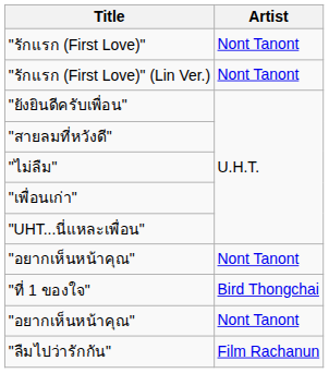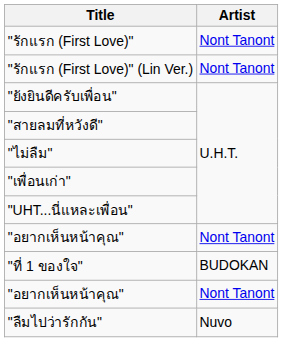 <table class="wikitable sortable plainrowheaders">
 <tr>
 <th scope="col">Title</th>
 <th scope="col">Artist</th>
 </tr>
 <tr>
 <td>"รักแรก (First Love)"</td>
 <td><a href='#'>Nont Tanont</a></td>
 </tr>
 <tr>
 <td>"รักแรก (First Love)" (Lin Ver.)</td>
 <td><a href='#'>Nont Tanont</a></td>
 </tr>
 <tr>
 <td>"ยังยินดีครับเพื่อน"</td>
 <td rowspan="5">U.H.T.</td>
 </tr>
 <tr>
 <td>"สายลมที่หวังดี"</td>
 </tr>
 <tr>
 <td>"ไม่ลืม"</td>
 </tr>
 <tr>
 <td>"เพื่อนเก่า"</td>
 </tr>
 <tr>
 <td>"UHT...นี่แหละเพื่อน"</td>
 </tr>
 <tr>
 <td>"อยากเห็นหน้าคุณ"</td>
 <td><a href='#'>Nont Tanont</a></td>
 </tr>
 <tr>
 <td>"ที่ 1 ของใจ"</td>
-<td><a href='#'>Bird Thongchai</a></td>
+<td>BUDOKAN</td>
 </tr>
 <tr>
 <td>"อยากเห็นหน้าคุณ"</td>
 <td><a href='#'>Nont Tanont</a></td>
 </tr>
 <tr>
 <td>"ลืมไปว่ารักกัน"</td>
-<td><a href='#'>Film Rachanun</a></td>
+<td>Nuvo</td>
 </tr>
 </table>
